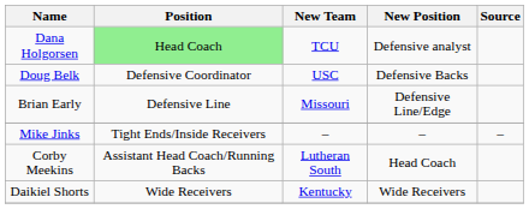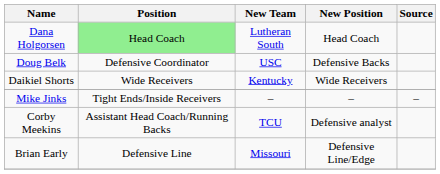 <table class="wikitable">
 <tr>
 <th style="text-align:center; ">Name</th>
 <th style="text-align:center; ">Position</th>
 <th style="text-align:center; ">New Team</th>
 <th style="text-align:center; ">New Position</th>
 <th style="text-align:center; ">Source</th>
 </tr>
 <tr align="center">
 <td><a href='#'>Dana Holgorsen</a></td>
 <td style="background: lightgreen;">Head Coach</td>
-<td><a href='#'>TCU</a></td>
-<td>Defensive analyst</td>
+<td><a href='#'>Lutheran South</a></td>
+<td>Head Coach</td>
 <td></td>
 </tr>
 <tr align="center">
 <td><a href='#'>Doug Belk</a></td>
 <td>Defensive Coordinator</td>
 <td><a href='#'>USC</a></td>
 <td>Defensive Backs</td>
 <td></td>
 </tr>
 <tr align="center">
-<td>Brian Early</td>
-<td>Defensive Line</td>
-<td><a href='#'>Missouri</a></td>
-<td>Defensive Line/Edge</td>
+<td>Daikiel Shorts</td>
+<td>Wide Receivers</td>
+<td><a href='#'>Kentucky</a></td>
+<td>Wide Receivers</td>
 <td></td>
 </tr>
 <tr>
 </tr>
 <tr align="center">
 <td><a href='#'>Mike Jinks</a></td>
 <td>Tight Ends/Inside Receivers</td>
 <td>–</td>
 <td>–</td>
 <td>–</td>
 </tr>
 <tr align="center">
 <td>Corby Meekins</td>
 <td>Assistant Head Coach/Running Backs</td>
-<td><a href='#'>Lutheran South</a></td>
-<td>Head Coach</td>
+<td><a href='#'>TCU</a></td>
+<td>Defensive analyst</td>
 <td></td>
 </tr>
 <tr align="center">
-<td>Daikiel Shorts</td>
-<td>Wide Receivers</td>
-<td><a href='#'>Kentucky</a></td>
-<td>Wide Receivers</td>
+<td>Brian Early</td>
+<td>Defensive Line</td>
+<td><a href='#'>Missouri</a></td>
+<td>Defensive Line/Edge</td>
 <td></td>
 </tr>
 <tr>
 </tr>
 </table>
